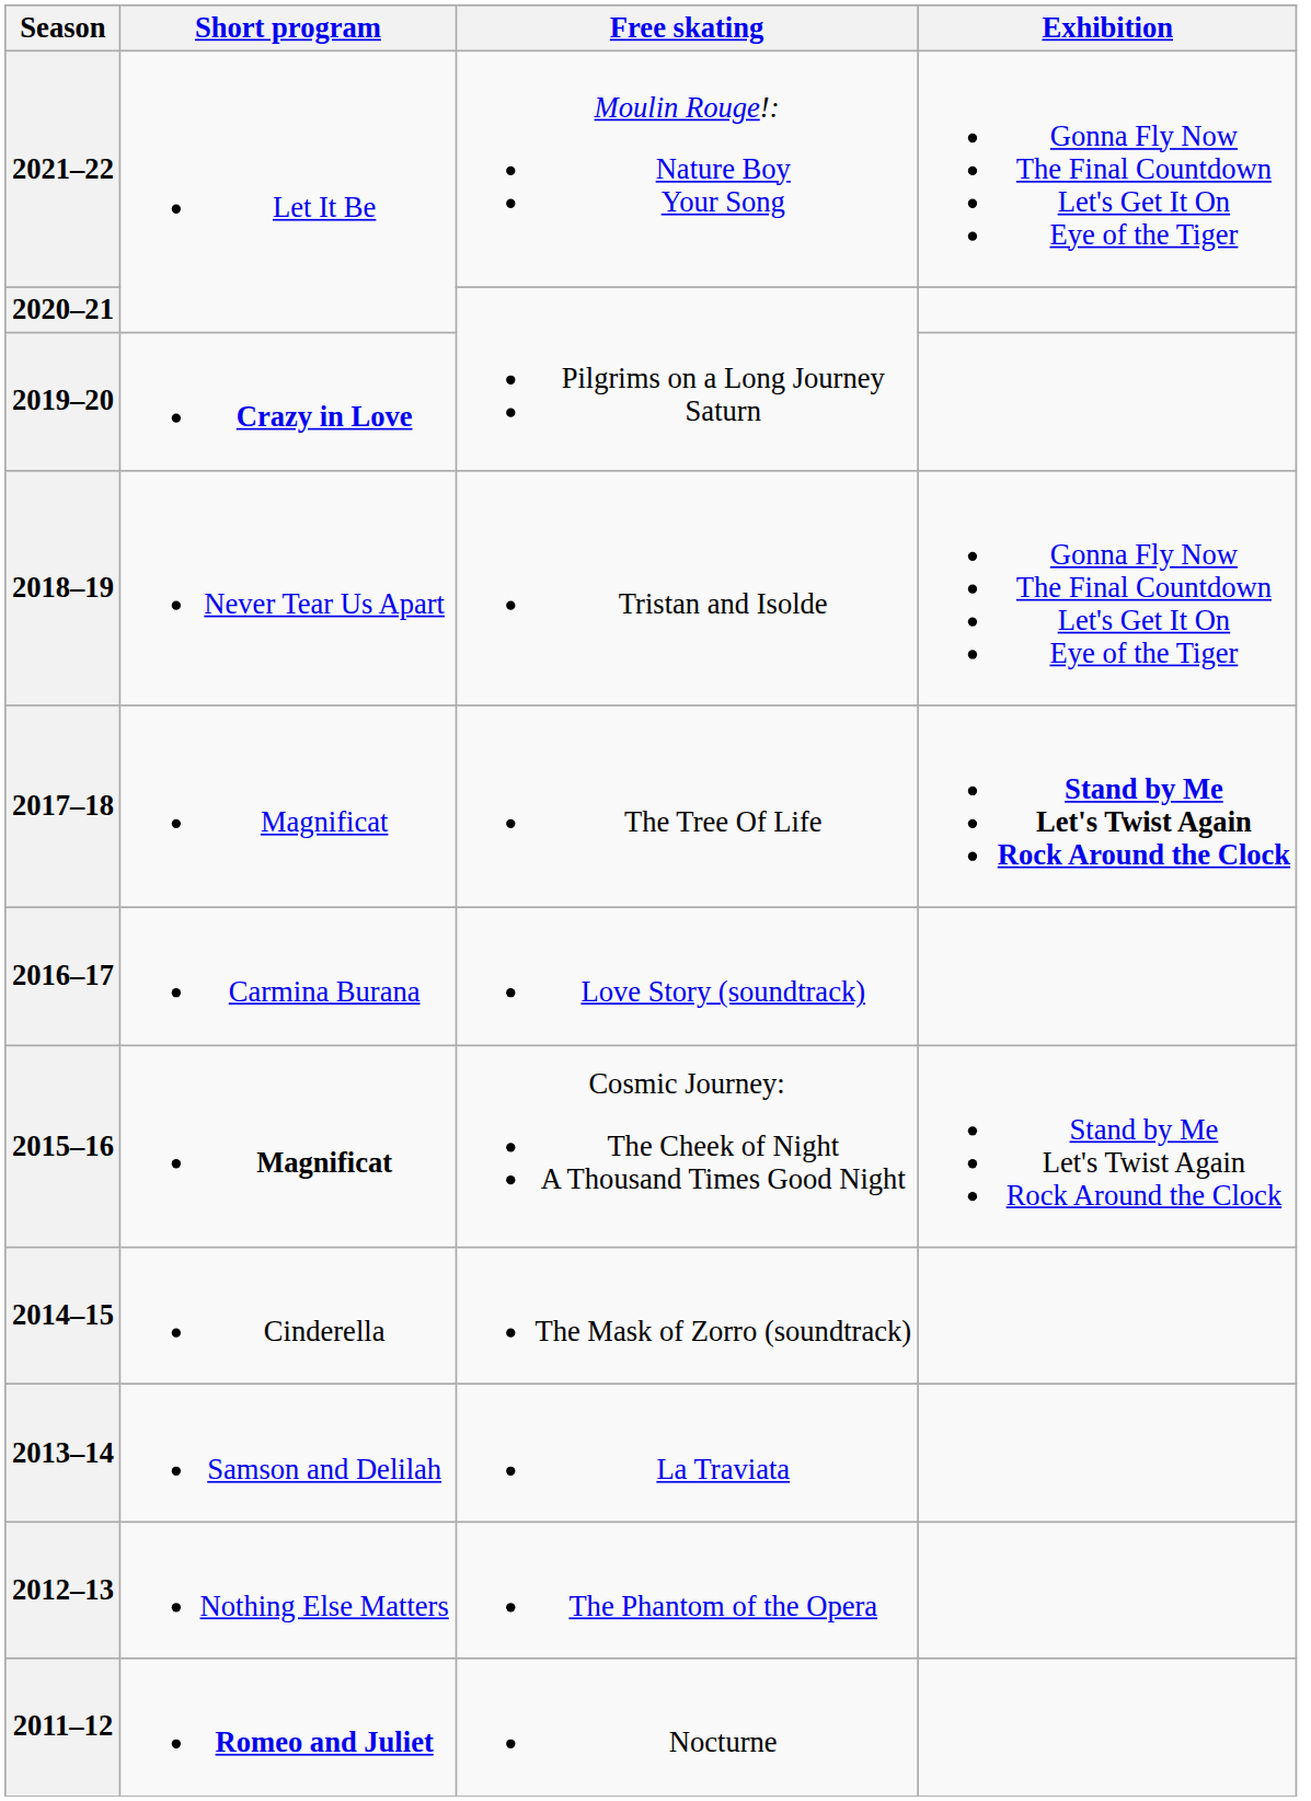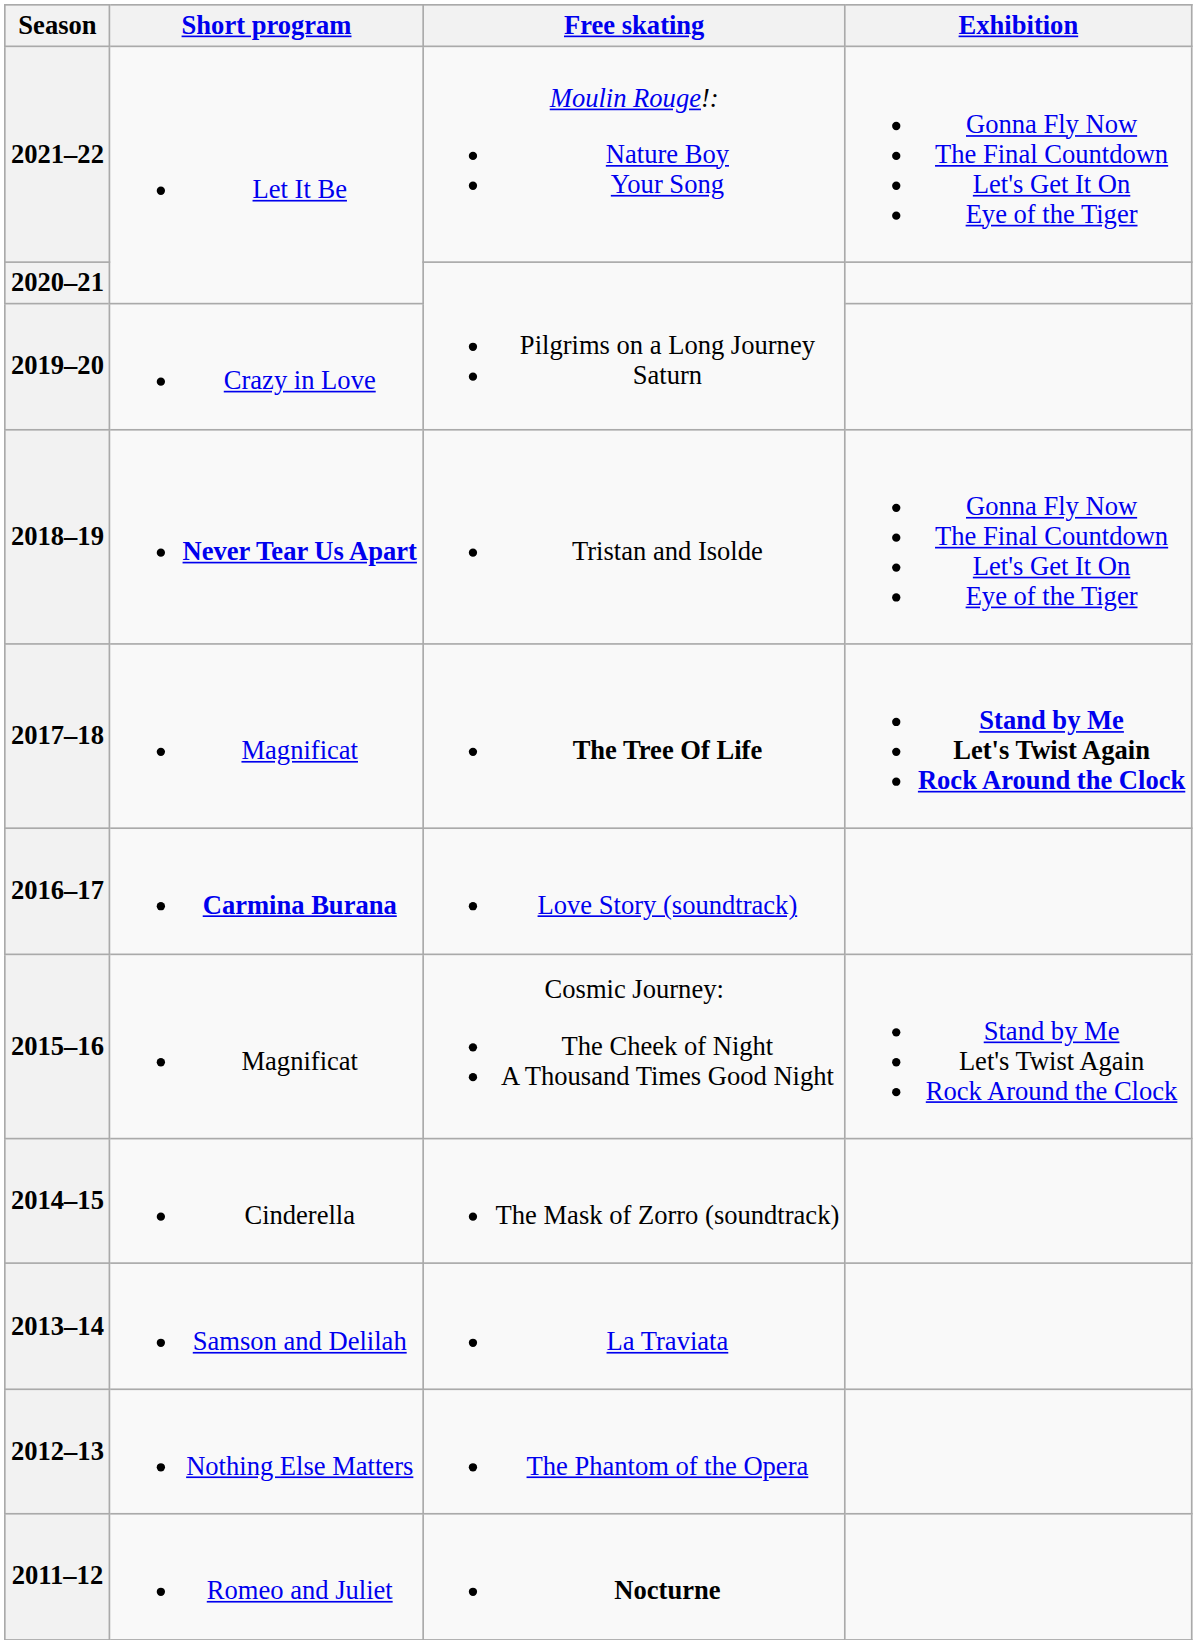 <table class=wikitable style=text-align:center>
 <tr>
 <th>Season</th>
 <th><a href='#'>Short program</a></th>
 <th><a href='#'>Free skating</a></th>
 <th><a href='#'>Exhibition</a></th>
 </tr>
 <tr>
 <th>2021–22 <br> </th>
 <td rowspan=2><br><ul><li><a href='#'>Let It Be</a> <br> </li></ul></td>
 <td><em><a href='#'>Moulin Rouge</a>!:</em><br><ul><li><a href='#'>Nature Boy</a> <br></li><li><a href='#'>Your Song</a> <br> </li></ul></td>
 <td><br><ul><li><a href='#'>Gonna Fly Now</a> <br></li><li><a href='#'>The Final Countdown</a> <br></li><li><a href='#'>Let's Get It On</a> <br></li><li><a href='#'>Eye of the Tiger</a> <br></li></ul></td>
 </tr>
 <tr>
 <th>2020–21 <br> </th>
 <td rowspan=2><br><ul><li>Pilgrims on a Long Journey <br> </li><li>Saturn <br> </li></ul></td>
 <td></td>
 </tr>
 <tr>
 <th>2019–20 <br> </th>
-<td><strong><br><ul><li><a href='#'>Crazy in Love</a> <br> </li></ul></strong></td>
+<td><br><ul><li><a href='#'>Crazy in Love</a> <br> </li></ul></td>
 <td></td>
 </tr>
 <tr>
 <th>2018–19 <br> </th>
-<td><br><ul><li><a href='#'>Never Tear Us Apart</a> <br> </li></ul></td>
+<td><strong><br><ul><li><a href='#'>Never Tear Us Apart</a> <br> </li></ul></strong></td>
 <td><br><ul><li>Tristan and Isolde <br> </li></ul></td>
 <td><br><ul><li><a href='#'>Gonna Fly Now</a> <br></li><li><a href='#'>The Final Countdown</a> <br></li><li><a href='#'>Let's Get It On</a> <br></li><li><a href='#'>Eye of the Tiger</a> <br></li></ul></td>
 </tr>
 <tr>
 <th>2017–18 <br> </th>
 <td><br><ul><li><a href='#'>Magnificat</a> <br></li></ul></td>
-<td><br><ul><li>The Tree Of Life <br> </li></ul></td>
+<td><strong><br><ul><li>The Tree Of Life <br> </li></ul></strong></td>
 <td><strong><br><ul><li><a href='#'>Stand by Me</a> <br></li><li>Let's Twist Again</li><li><a href='#'>Rock Around the Clock</a> <br></li></ul></strong></td>
 </tr>
 <tr>
 <th>2016–17 <br> </th>
-<td><br><ul><li><a href='#'>Carmina Burana</a> <br></li></ul></td>
+<td><strong><br><ul><li><a href='#'>Carmina Burana</a> <br></li></ul></strong></td>
 <td><br><ul><li><a href='#'>Love Story (soundtrack)</a> <br></li></ul></td>
 <td></td>
 </tr>
 <tr>
 <th>2015–16 <br> </th>
-<td><strong><br><ul><li>Magnificat <br></li></ul></strong></td>
+<td><br><ul><li>Magnificat <br></li></ul></td>
 <td>Cosmic Journey:<br><ul><li>The Cheek of Night</li><li>A Thousand Times Good Night <br></li></ul></td>
 <td><br><ul><li><a href='#'>Stand by Me</a> <br></li><li>Let's Twist Again</li><li><a href='#'>Rock Around the Clock</a> <br></li></ul></td>
 </tr>
 <tr>
 <th>2014–15 <br> </th>
 <td><br><ul><li>Cinderella <br></li></ul></td>
 <td><br><ul><li>The Mask of Zorro (soundtrack) <br></li></ul></td>
 <td></td>
 </tr>
 <tr>
 <th>2013–14 <br> </th>
 <td><br><ul><li><a href='#'>Samson and Delilah</a> <br></li></ul></td>
 <td><br><ul><li><a href='#'>La Traviata</a> <br></li></ul></td>
 <td></td>
 </tr>
 <tr>
 <th>2012–13 <br> </th>
 <td><br><ul><li><a href='#'>Nothing Else Matters</a> <br></li></ul></td>
 <td><br><ul><li><a href='#'>The Phantom of the Opera</a> <br></li></ul></td>
 <td></td>
 </tr>
 <tr>
 <th>2011–12 <br> </th>
-<td><strong><br><ul><li><a href='#'>Romeo and Juliet</a> <br></li></ul></strong></td>
-<td><br><ul><li>Nocturne <br></li></ul></td>
+<td><br><ul><li><a href='#'>Romeo and Juliet</a> <br></li></ul></td>
+<td><strong><br><ul><li>Nocturne <br></li></ul></strong></td>
 <td></td>
 </tr>
 </table>
